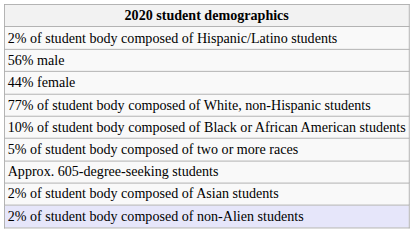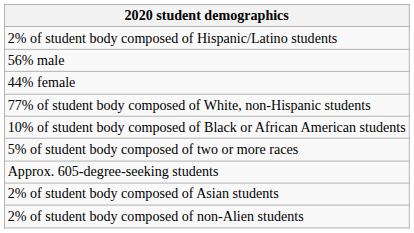 <table class="wikitable">
 <tr>
 <th>2020 student demographics</th>
 </tr>
 <tr>
 <td>2% of student body composed of Hispanic/Latino students</td>
 </tr>
 <tr>
 <td>56% male</td>
 </tr>
 <tr>
 <td>44% female</td>
 </tr>
 <tr>
 <td>77% of student body composed of White, non-Hispanic students</td>
 </tr>
 <tr>
 <td>10% of student body composed of Black or African American students</td>
 </tr>
 <tr>
 <td>5% of student body composed of two or more races</td>
 </tr>
 <tr>
 <td>Approx. 605-degree-seeking students</td>
 </tr>
 <tr>
 <td>2% of student body composed of Asian students</td>
 </tr>
 <tr>
-<td style="background: lavender;">2% of student body composed of non-Alien students</td>
+<td>2% of student body composed of non-Alien students</td>
 </tr>
 </table>
